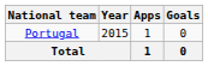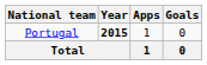 <table class=wikitable style=text-align:center>
 <tr>
 <th>National team</th>
 <th>Year</th>
 <th>Apps</th>
 <th>Goals</th>
 </tr>
 <tr>
 <td><a href='#'>Portugal</a></td>
-<td>2015</td>
+<td><strong>2015</strong></td>
 <td>1</td>
 <td>0</td>
 </tr>
 <tr>
 <th colspan=2>Total</th>
 <th>1</th>
 <th>0</th>
 </tr>
 </table>
